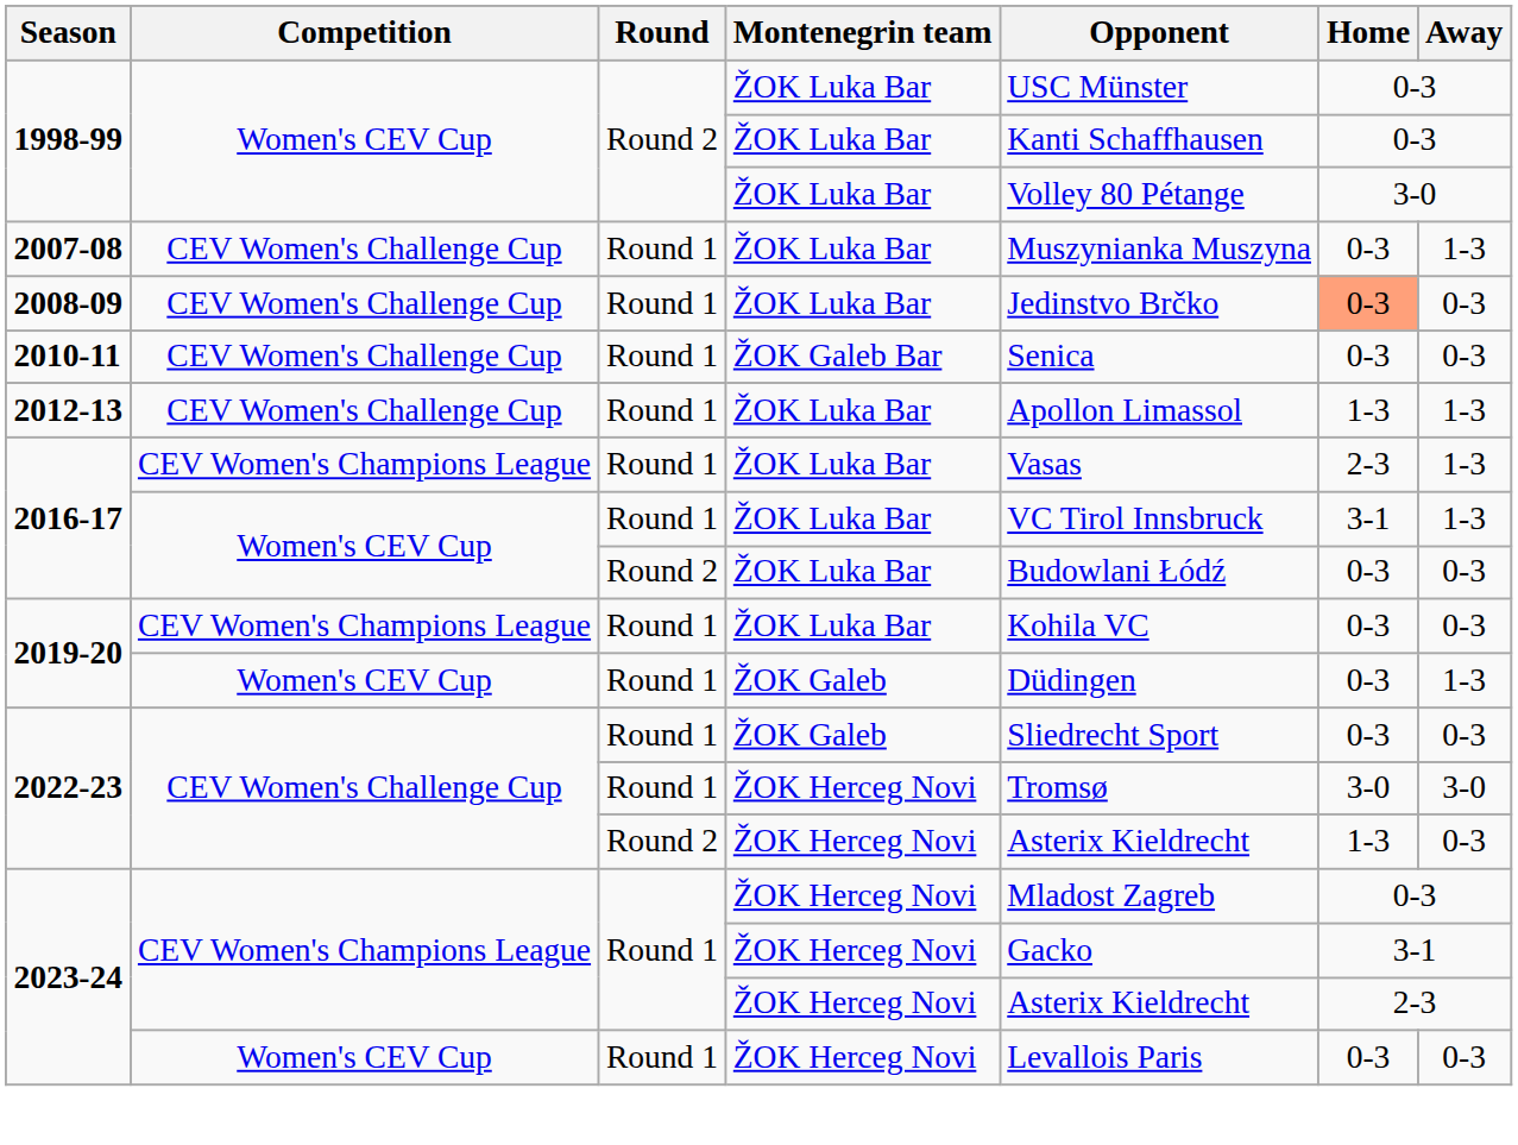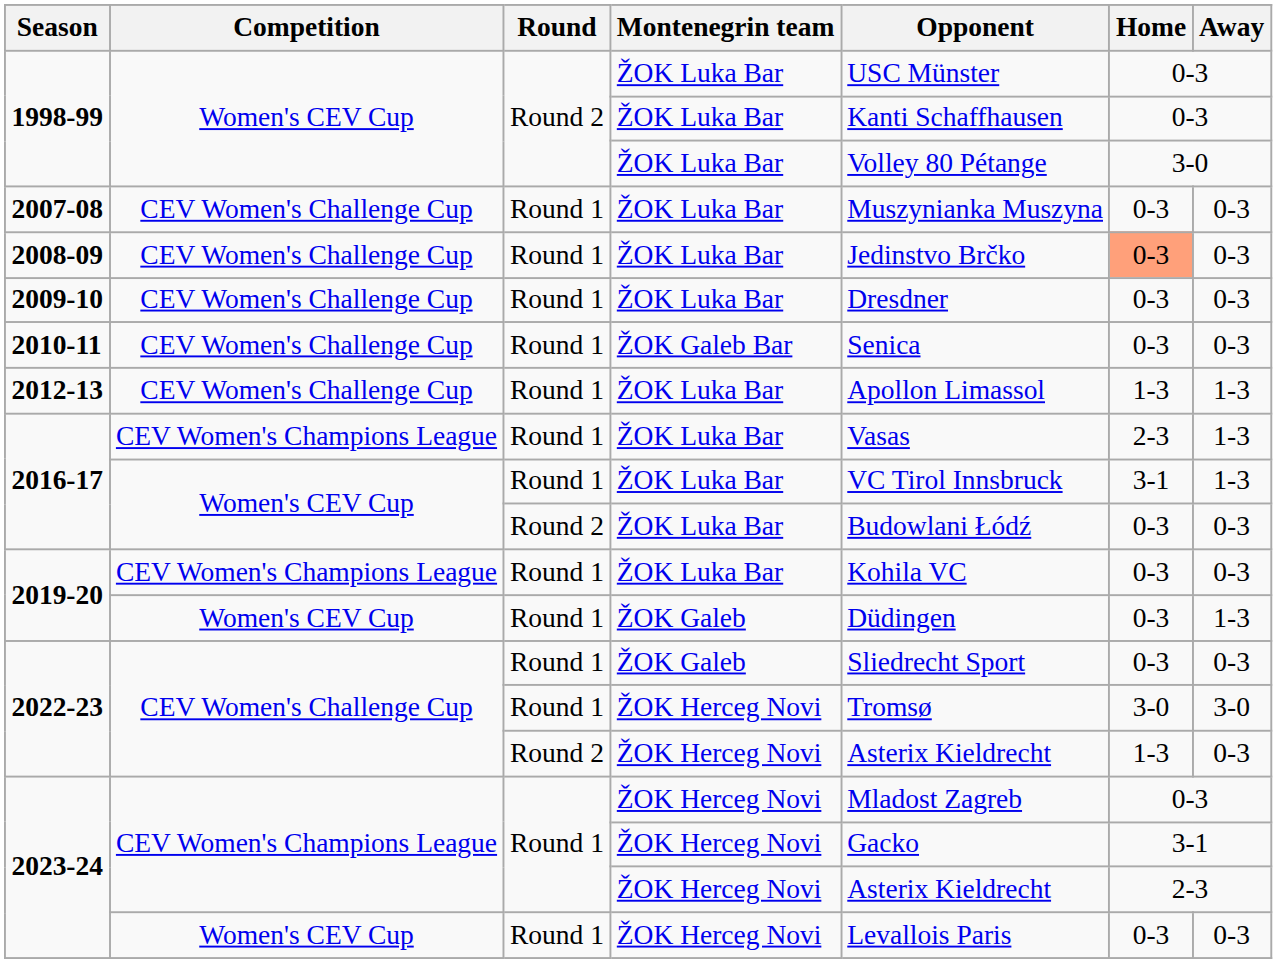 <table class="wikitable" style="font-size:90%">
 <tr>
 <th>Season</th>
 <th>Competition</th>
 <th>Round</th>
 <th>Montenegrin team</th>
 <th>Opponent</th>
 <th>Home</th>
 <th>Away</th>
 </tr>
 <tr>
 <td rowspan=3><strong>1998-99</strong></td>
 <td rowspan="3" style="text-align:center;"><a href='#'>Women's CEV Cup</a></td>
 <td rowspan="3" style="text-align:center;">Round 2</td>
 <td><a href='#'>ŽOK Luka Bar</a></td>
 <td> <a href='#'>USC Münster</a></td>
 <td colspan="2" style="text-align:center;">0-3</td>
 </tr>
 <tr>
 <td><a href='#'>ŽOK Luka Bar</a></td>
 <td> <a href='#'>Kanti Schaffhausen</a></td>
 <td colspan="2" style="text-align:center;">0-3</td>
 </tr>
 <tr>
 <td><a href='#'>ŽOK Luka Bar</a></td>
 <td> <a href='#'>Volley 80 Pétange</a></td>
 <td colspan="2" style="text-align:center;">3-0</td>
 </tr>
 <tr>
 <td><strong>2007-08</strong></td>
 <td style="text-align:center;"><a href='#'>CEV Women's Challenge Cup</a></td>
 <td style="text-align:center;">Round 1</td>
 <td><a href='#'>ŽOK Luka Bar</a></td>
 <td> <a href='#'>Muszynianka Muszyna</a></td>
 <td style="text-align:center;">0-3</td>
-<td style="text-align:center;">1-3</td>
+<td style="text-align:center;">0-3</td>
 </tr>
 <tr>
 <td><strong>2008-09</strong></td>
 <td style="text-align:center;"><a href='#'>CEV Women's Challenge Cup</a></td>
 <td style="text-align:center;">Round 1</td>
 <td><a href='#'>ŽOK Luka Bar</a></td>
 <td> <a href='#'>Jedinstvo Brčko</a></td>
 <td style="background: lightsalmon; text-align:center;">0-3</td>
+<td style="text-align:center;">0-3</td>
+</tr>
+<tr>
+<td><strong>2009-10</strong></td>
+<td style="text-align:center;"><a href='#'>CEV Women's Challenge Cup</a></td>
+<td style="text-align:center;">Round 1</td>
+<td><a href='#'>ŽOK Luka Bar</a></td>
+<td> <a href='#'>Dresdner</a></td>
+<td style="text-align:center;">0-3</td>
 <td style="text-align:center;">0-3</td>
 </tr>
 <tr>
 <td><strong>2010-11</strong></td>
 <td style="text-align:center;"><a href='#'>CEV Women's Challenge Cup</a></td>
 <td style="text-align:center;">Round 1</td>
 <td><a href='#'>ŽOK Galeb Bar</a></td>
 <td> <a href='#'>Senica</a></td>
 <td style="text-align:center;">0-3</td>
 <td style="text-align:center;">0-3</td>
 </tr>
 <tr>
 <td><strong>2012-13</strong></td>
 <td style="text-align:center;"><a href='#'>CEV Women's Challenge Cup</a></td>
 <td style="text-align:center;">Round 1</td>
 <td><a href='#'>ŽOK Luka Bar</a></td>
 <td> <a href='#'>Apollon Limassol</a></td>
 <td style="text-align:center;">1-3</td>
 <td style="text-align:center;">1-3</td>
 </tr>
 <tr>
 <td rowspan=3><strong>2016-17</strong></td>
 <td style="text-align:center;"><a href='#'>CEV Women's Champions League</a></td>
 <td style="text-align:center;">Round 1</td>
 <td><a href='#'>ŽOK Luka Bar</a></td>
 <td> <a href='#'>Vasas</a></td>
 <td style="text-align:center;">2-3</td>
 <td style="text-align:center;">1-3</td>
 </tr>
 <tr>
 <td rowspan="2" style="text-align:center;"><a href='#'>Women's CEV Cup</a></td>
 <td style="text-align:center;">Round 1</td>
 <td><a href='#'>ŽOK Luka Bar</a></td>
 <td> <a href='#'>VC Tirol Innsbruck</a></td>
 <td style="text-align:center;">3-1</td>
 <td style="text-align:center;">1-3</td>
 </tr>
 <tr>
 <td style="text-align:center;">Round 2</td>
 <td><a href='#'>ŽOK Luka Bar</a></td>
 <td> <a href='#'>Budowlani Łódź</a></td>
 <td style="text-align:center;">0-3</td>
 <td style="text-align:center;">0-3</td>
 </tr>
 <tr>
 <td rowspan=2><strong>2019-20</strong></td>
 <td style="text-align:center;"><a href='#'>CEV Women's Champions League</a></td>
 <td style="text-align:center;">Round 1</td>
 <td><a href='#'>ŽOK Luka Bar</a></td>
 <td> <a href='#'>Kohila VC</a></td>
 <td style="text-align:center;">0-3</td>
 <td style="text-align:center;">0-3</td>
 </tr>
 <tr>
 <td style="text-align:center;"><a href='#'>Women's CEV Cup</a></td>
 <td style="text-align:center;">Round 1</td>
 <td><a href='#'>ŽOK Galeb</a></td>
 <td> <a href='#'>Düdingen</a></td>
 <td style="text-align:center;">0-3</td>
 <td style="text-align:center;">1-3</td>
 </tr>
 <tr>
 <td rowspan=3><strong>2022-23</strong></td>
 <td rowspan="3" style="text-align:center;"><a href='#'>CEV Women's Challenge Cup</a></td>
 <td style="text-align:center;">Round 1</td>
 <td><a href='#'>ŽOK Galeb</a></td>
 <td> <a href='#'>Sliedrecht Sport</a></td>
 <td style="text-align:center;">0-3</td>
 <td style="text-align:center;">0-3</td>
 </tr>
 <tr>
 <td style="text-align:center;">Round 1</td>
 <td><a href='#'>ŽOK Herceg Novi</a></td>
 <td> <a href='#'>Tromsø</a></td>
 <td style="text-align:center;">3-0</td>
 <td style="text-align:center;">3-0</td>
 </tr>
 <tr>
 <td style="text-align:center;">Round 2</td>
 <td><a href='#'>ŽOK Herceg Novi</a></td>
 <td> <a href='#'>Asterix Kieldrecht</a></td>
 <td style="text-align:center;">1-3</td>
 <td style="text-align:center;">0-3</td>
 </tr>
 <tr>
 <td rowspan=4><strong>2023-24</strong></td>
 <td rowspan="3" style="text-align:center;"><a href='#'>CEV Women's Champions League</a></td>
 <td rowspan="3" style="text-align:center;">Round 1</td>
 <td><a href='#'>ŽOK Herceg Novi</a></td>
 <td> <a href='#'>Mladost Zagreb</a></td>
 <td colspan="2" style="text-align:center;">0-3</td>
 </tr>
 <tr>
 <td><a href='#'>ŽOK Herceg Novi</a></td>
 <td> <a href='#'>Gacko</a></td>
 <td colspan="2" style="text-align:center;">3-1</td>
 </tr>
 <tr>
 <td><a href='#'>ŽOK Herceg Novi</a></td>
 <td> <a href='#'>Asterix Kieldrecht</a></td>
 <td colspan="2" style="text-align:center;">2-3</td>
 </tr>
 <tr>
 <td style="text-align:center;"><a href='#'>Women's CEV Cup</a></td>
 <td style="text-align:center;">Round 1</td>
 <td><a href='#'>ŽOK Herceg Novi</a></td>
 <td> <a href='#'>Levallois Paris</a></td>
 <td style="text-align:center;">0-3</td>
 <td style="text-align:center;">0-3</td>
 </tr>
 </table>
